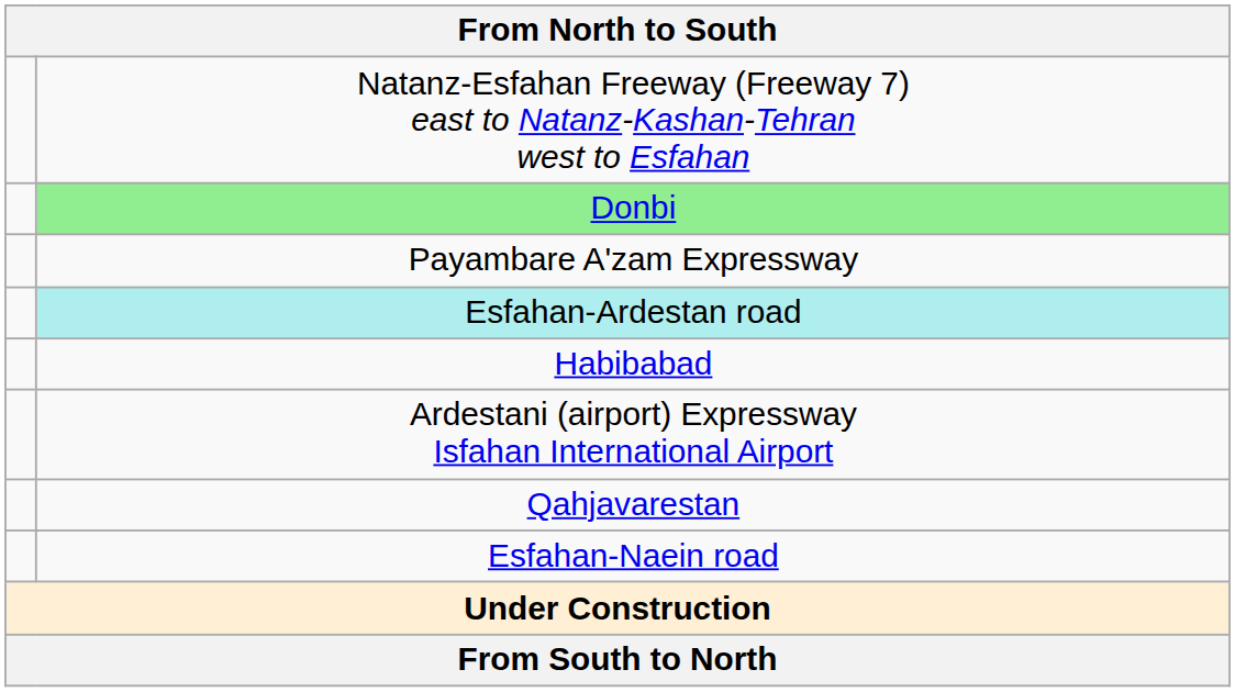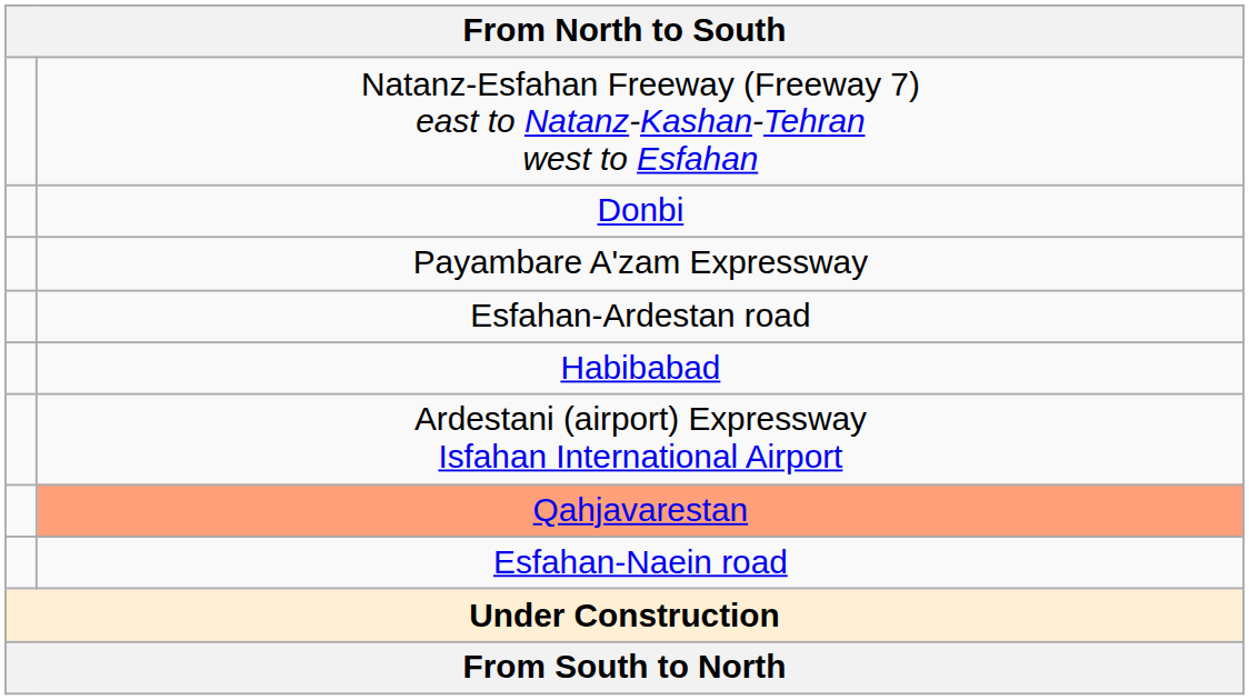 <table class="wikitable" style="text-align:center" width="600px">
 <tr>
 <th text-align="center" colspan="3"> From North to South </th>
 </tr>
 <tr>
 <td><br></td>
 <td> Natanz-Esfahan Freeway (Freeway 7)<br><em>east to <a href='#'>Natanz</a>-<a href='#'>Kashan</a>-<a href='#'>Tehran</a></em><br><em>west to <a href='#'>Esfahan</a></em></td>
 </tr>
 <tr>
 <td></td>
-<td style="background: lightgreen;"> <a href='#'>Donbi</a></td>
+<td> <a href='#'>Donbi</a></td>
 </tr>
 <tr>
 <td> <br></td>
 <td>  Payambare A'zam Expressway</td>
 </tr>
 <tr>
 <td></td>
-<td style="background: paleturquoise;"> Esfahan-Ardestan road</td>
+<td> Esfahan-Ardestan road</td>
 </tr>
 <tr>
 <td></td>
 <td> <a href='#'>Habibabad</a></td>
 </tr>
 <tr>
 <td></td>
 <td> Ardestani (airport) Expressway <br> <a href='#'>Isfahan International Airport</a></td>
 </tr>
 <tr>
 <td></td>
-<td> <a href='#'>Qahjavarestan</a></td>
+<td style="background: lightsalmon;"> <a href='#'>Qahjavarestan</a></td>
 </tr>
 <tr>
 <td></td>
 <td> <a href='#'>Esfahan-Naein road</a></td>
 </tr>
 <tr>
 <td text-align="center" colspan="3" bgcolor="#FFEFD5"> <strong> Under Construction</strong> </td>
 </tr>
 <tr>
 <th text-align="center" colspan="3"> From South to North </th>
 </tr>
 </table>
